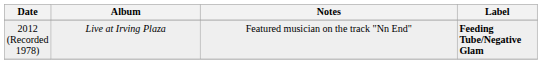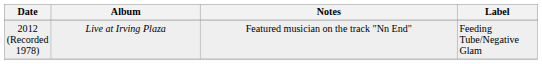 <table Class="wikitable" style="text-align: center;" |width=100%>
 <tr bgcolor="#CCCCCC">
 <th valign="bottom" width="20">Date</th>
 <th valign="bottom" width="230">Album</th>
 <th valign="bottom" width="400">Notes</th>
 <th valign="bottom" width="120">Label</th>
 </tr>
 <tr>
 </tr>
 <tr bgcolor="#efefef">
 <td valign="top">2012 (Recorded 1978)</td>
 <td valign="top"><em>Live at Irving Plaza</em></td>
 <td valign="top">Featured musician on the track "Nn End"</td>
-<td style="text-align: left;" valign="top"><strong>Feeding Tube/Negative Glam</strong></td>
+<td style="text-align: left;" valign="top">Feeding Tube/Negative Glam</td>
 </tr>
 <tr>
 </tr>
 </table>
